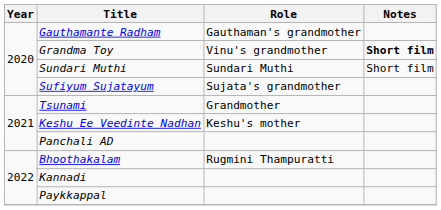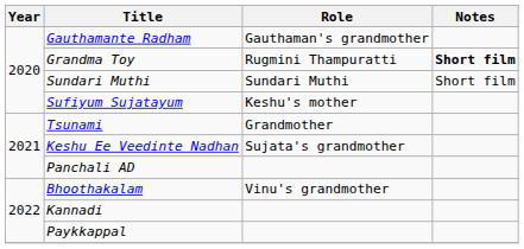 <table class="wikitable sortable">
 <tr>
 <th>Year</th>
 <th>Title</th>
 <th>Role</th>
 <th class="unsortable">Notes</th>
 </tr>
 <tr>
 <td rowspan=4>2020</td>
 <td><em><a href='#'>Gauthamante Radham</a></em></td>
 <td>Gauthaman's grandmother</td>
 <td></td>
 </tr>
 <tr>
 <td><em>Grandma Toy</em></td>
-<td>Vinu's grandmother</td>
+<td>Rugmini Thampuratti</td>
 <td><strong>Short film</strong></td>
 </tr>
 <tr>
 <td><em>Sundari Muthi</em></td>
 <td>Sundari Muthi</td>
 <td>Short film</td>
 </tr>
 <tr>
 <td><em><a href='#'>Sufiyum Sujatayum</a></em></td>
-<td>Sujata's grandmother</td>
+<td>Keshu's mother</td>
 <td></td>
 </tr>
 <tr>
 <td rowspan=3>2021</td>
 <td><em><a href='#'>Tsunami</a></em></td>
 <td>Grandmother</td>
 <td></td>
 </tr>
 <tr>
 <td><em><a href='#'>Keshu Ee Veedinte Nadhan</a></em></td>
-<td>Keshu's mother</td>
+<td>Sujata's grandmother</td>
 <td></td>
 </tr>
 <tr>
 <td><em>Panchali AD</em></td>
 <td></td>
 <td></td>
 </tr>
 <tr>
 <td rowspan=3>2022</td>
 <td><em><a href='#'>Bhoothakalam</a></em></td>
-<td>Rugmini Thampuratti</td>
+<td>Vinu's grandmother</td>
 <td></td>
 </tr>
 <tr>
 <td><em>Kannadi</em></td>
 <td></td>
 <td></td>
 </tr>
 <tr>
 <td><em>Paykkappal</em></td>
 <td></td>
 <td></td>
 </tr>
 <tr>
 </tr>
 </table>
